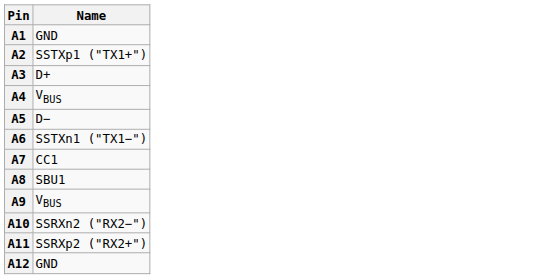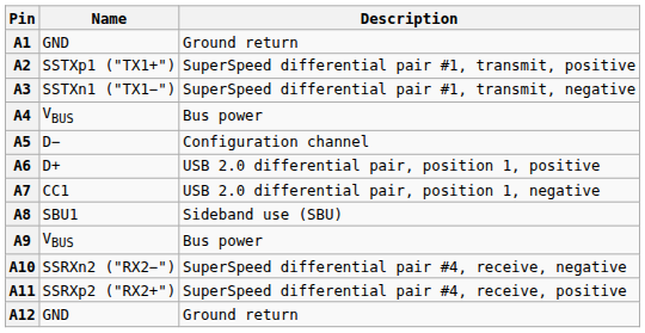 <table class="wikitable" style="display: inline-table;">
 <tr>
 <th scope="col">Pin</th>
 <th scope="col">Name</th>
+<th scope="col">Description</th>
 </tr>
 <tr>
 <th scope="row">A1</th>
 <td>GND</td>
+<td>Ground return</td>
 </tr>
 <tr>
 <th scope="row">A2</th>
 <td>SSTXp1 ("TX1+")</td>
+<td>SuperSpeed differential pair #1, transmit, positive</td>
 </tr>
 <tr>
 <th scope="row">A3</th>
-<td>D+</td>
+<td>SSTXn1 ("TX1−")</td>
+<td>SuperSpeed differential pair #1, transmit, negative</td>
 </tr>
 <tr>
 <th scope="row">A4</th>
 <td>V<sub>BUS</sub></td>
+<td>Bus power</td>
 </tr>
 <tr>
 <th scope="row">A5</th>
 <td>D−</td>
+<td>Configuration channel</td>
 </tr>
 <tr>
 <th scope="row">A6</th>
-<td>SSTXn1 ("TX1−")</td>
+<td>D+</td>
+<td>USB 2.0 differential pair, position 1, positive</td>
 </tr>
 <tr>
 <th scope="row">A7</th>
 <td>CC1</td>
+<td>USB 2.0 differential pair, position 1, negative</td>
 </tr>
 <tr>
 <th scope="row">A8</th>
 <td>SBU1</td>
+<td>Sideband use (SBU)</td>
 </tr>
 <tr>
 <th scope="row">A9</th>
 <td>V<sub>BUS</sub></td>
+<td>Bus power</td>
 </tr>
 <tr>
 <th scope="row">A10</th>
 <td>SSRXn2 ("RX2−")</td>
+<td>SuperSpeed differential pair #4, receive, negative</td>
 </tr>
 <tr>
 <th scope="row">A11</th>
 <td>SSRXp2 ("RX2+")</td>
+<td>SuperSpeed differential pair #4, receive, positive</td>
 </tr>
 <tr>
 <th scope="row">A12</th>
 <td>GND</td>
+<td>Ground return</td>
 </tr>
 </table>
